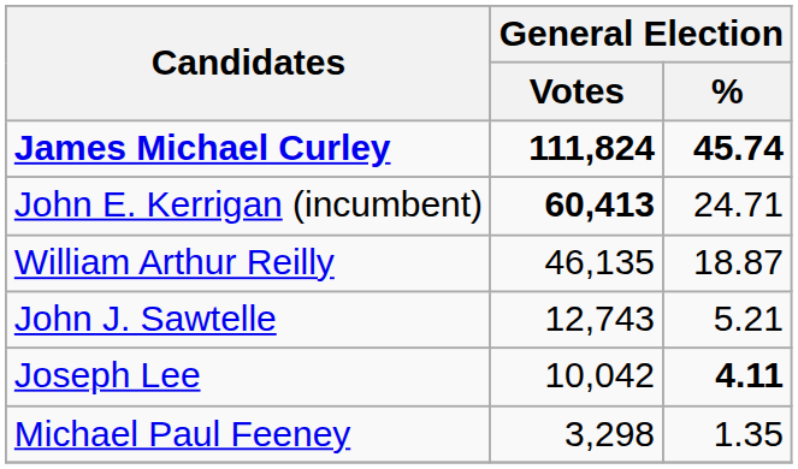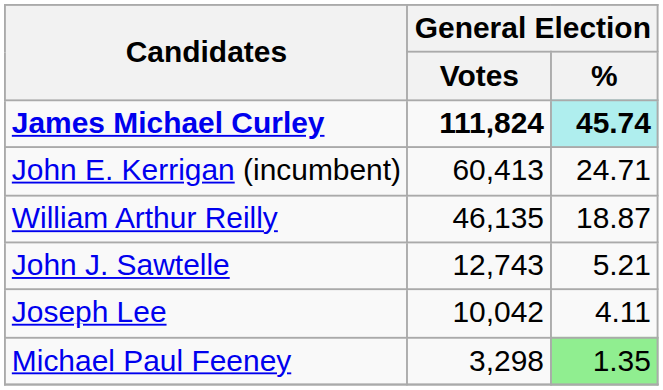 <table class=wikitable>
 <tr>
 <th colspan=1 rowspan=2><strong>Candidates</strong></th>
 <th colspan=2><strong>General Election</strong></th>
 </tr>
 <tr>
 <th>Votes</th>
 <th>%</th>
 </tr>
 <tr>
 <td><strong><a href='#'>James Michael Curley</a></strong></td>
 <td align="right"><strong>111,824</strong></td>
-<td align="right"><strong>45.74</strong></td>
+<td align="right" style="background: paleturquoise;"><strong>45.74</strong></td>
 </tr>
 <tr>
 <td><a href='#'>John E. Kerrigan</a> (incumbent)</td>
-<td align="right"><strong>60,413</strong></td>
+<td align="right">60,413</td>
 <td align="right">24.71</td>
 </tr>
 <tr>
 <td><a href='#'>William Arthur Reilly</a></td>
 <td align="right">46,135</td>
 <td align="right">18.87</td>
 </tr>
 <tr>
 <td><a href='#'>John J. Sawtelle</a></td>
 <td align="right">12,743</td>
 <td align="right">5.21</td>
 </tr>
 <tr>
 <td><a href='#'>Joseph Lee</a></td>
 <td align="right">10,042</td>
-<td align="right"><strong>4.11</strong></td>
+<td align="right">4.11</td>
 </tr>
 <tr>
 <td><a href='#'>Michael Paul Feeney</a></td>
 <td align="right">3,298</td>
-<td align="right">1.35</td>
+<td align="right" style="background: lightgreen;">1.35</td>
 </tr>
 <tr>
 </tr>
 </table>
